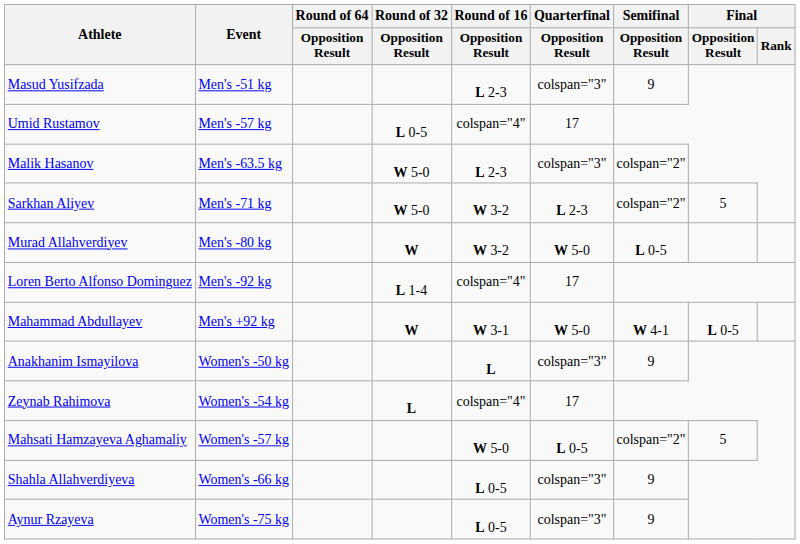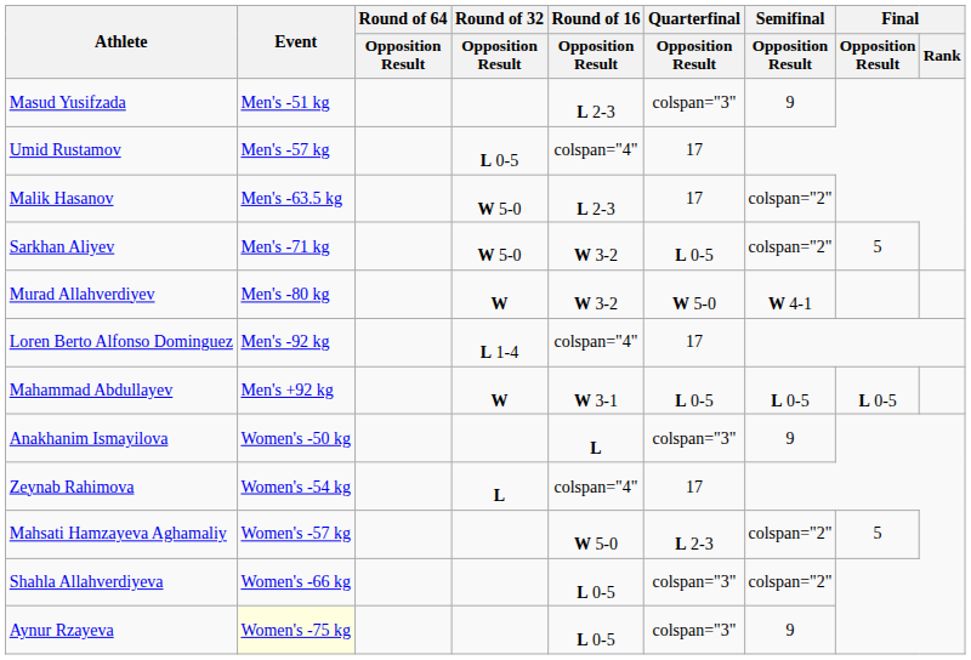 <table class="wikitable" style="text-align:center; font-size:90%">
 <tr>
 <th rowspan="2">Athlete</th>
 <th rowspan="2">Event</th>
 <th>Round of 64</th>
 <th>Round of 32</th>
 <th>Round of 16</th>
 <th>Quarterfinal</th>
 <th>Semifinal</th>
 <th colspan="2">Final</th>
 </tr>
 <tr style="font-size:95%">
 <th>Opposition<br>Result</th>
 <th>Opposition<br>Result</th>
 <th>Opposition<br>Result</th>
 <th>Opposition<br>Result</th>
 <th>Opposition<br>Result</th>
 <th>Opposition<br>Result</th>
 <th>Rank</th>
 </tr>
 <tr>
 <td align="left"><a href='#'>Masud Yusifzada</a></td>
 <td align="left"><a href='#'>Men's -51 kg</a></td>
 <td></td>
 <td></td>
 <td><br><strong>L</strong> 2-3</td>
 <td>colspan="3" </td>
 <td>9</td>
 </tr>
 <tr>
 <td align="left"><a href='#'>Umid Rustamov</a></td>
 <td align="left"><a href='#'>Men's -57 kg</a></td>
 <td></td>
 <td><br><strong>L</strong> 0-5</td>
 <td>colspan="4" </td>
 <td>17</td>
 </tr>
 <tr>
 <td align="left"><a href='#'>Malik Hasanov</a></td>
 <td align="left"><a href='#'>Men's -63.5 kg</a></td>
 <td></td>
 <td><br><strong>W</strong> 5-0</td>
 <td><br><strong>L</strong> 2-3</td>
-<td>colspan="3" </td>
+<td>17</td>
 <td>colspan="2" </td>
 </tr>
 <tr>
 <td align="left"><a href='#'>Sarkhan Aliyev</a></td>
 <td align="left"><a href='#'>Men's -71 kg</a></td>
 <td></td>
 <td><br><strong>W</strong> 5-0</td>
 <td><br><strong>W</strong> 3-2</td>
-<td><br><strong>L</strong> 2-3</td>
+<td><br><strong>L</strong> 0-5</td>
 <td>colspan="2" </td>
 <td>5</td>
 </tr>
 <tr>
 <td align="left"><a href='#'>Murad Allahverdiyev</a></td>
 <td align="left"><a href='#'>Men's -80 kg</a></td>
 <td></td>
 <td><br><strong>W</strong> </td>
 <td><br><strong>W</strong> 3-2</td>
 <td><br><strong>W</strong> 5-0</td>
-<td><br><strong>L</strong> 0-5</td>
+<td><br><strong>W</strong> 4-1</td>
 <td></td>
 <td></td>
 </tr>
 <tr>
 <td align="left"><a href='#'>Loren Berto Alfonso Dominguez</a></td>
 <td align="left"><a href='#'>Men's -92 kg</a></td>
 <td></td>
 <td><br><strong>L</strong> 1-4</td>
 <td>colspan="4" </td>
 <td>17</td>
 </tr>
 <tr>
 <td align="left"><a href='#'>Mahammad Abdullayev</a></td>
 <td align="left"><a href='#'>Men's +92 kg</a></td>
 <td></td>
 <td><br><strong>W</strong> </td>
 <td><br><strong>W</strong> 3-1</td>
-<td><br><strong>W</strong> 5-0</td>
-<td><br><strong>W</strong> 4-1</td>
+<td><br><strong>L</strong> 0-5</td>
+<td><br><strong>L</strong> 0-5</td>
 <td><br><strong>L</strong> 0-5</td>
 <td></td>
 </tr>
 <tr>
 <td align="left"><a href='#'>Anakhanim Ismayilova</a></td>
 <td align="left"><a href='#'>Women's -50 kg</a></td>
 <td></td>
 <td></td>
 <td><br><strong>L</strong> </td>
 <td>colspan="3" </td>
 <td>9</td>
 </tr>
 <tr>
 <td align="left"><a href='#'>Zeynab Rahimova</a></td>
 <td align="left"><a href='#'>Women's -54 kg</a></td>
 <td></td>
 <td><br><strong>L</strong> </td>
 <td>colspan="4" </td>
 <td>17</td>
 </tr>
 <tr>
 <td align="left"><a href='#'>Mahsati Hamzayeva Aghamaliy</a></td>
 <td align="left"><a href='#'>Women's -57 kg</a></td>
 <td></td>
 <td></td>
 <td><br><strong>W</strong> 5-0</td>
-<td><br><strong>L</strong> 0-5</td>
+<td><br><strong>L</strong> 2-3</td>
 <td>colspan="2" </td>
 <td>5</td>
 </tr>
 <tr>
 <td align="left"><a href='#'>Shahla Allahverdiyeva</a></td>
 <td align="left"><a href='#'>Women's -66 kg</a></td>
 <td></td>
 <td></td>
 <td><br><strong>L</strong> 0-5</td>
 <td>colspan="3" </td>
-<td>9</td>
+<td>colspan="2" </td>
 </tr>
 <tr>
 <td align="left"><a href='#'>Aynur Rzayeva</a></td>
-<td align="left"><a href='#'>Women's -75 kg</a></td>
+<td align="left" style="background: lightyellow;"><a href='#'>Women's -75 kg</a></td>
 <td></td>
 <td></td>
 <td><br><strong>L</strong> 0-5</td>
 <td>colspan="3" </td>
 <td>9</td>
 </tr>
 </table>
